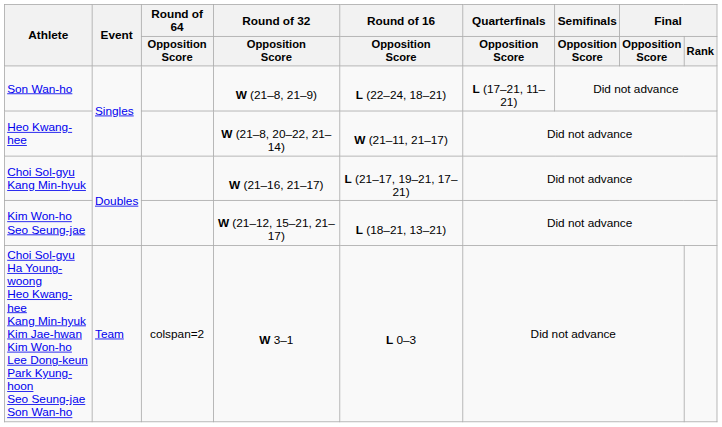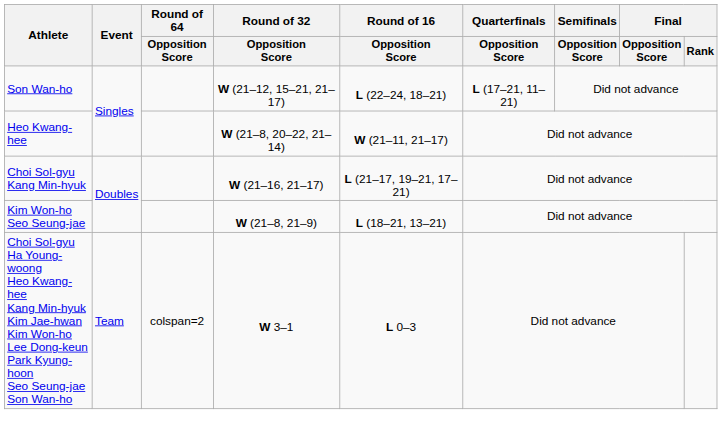 <table class=wikitable style=font-size:90%;text-align:center>
 <tr>
 <th rowspan="2">Athlete</th>
 <th rowspan="2">Event</th>
 <th>Round of 64</th>
 <th>Round of 32</th>
 <th>Round of 16</th>
 <th>Quarterfinals</th>
 <th>Semifinals</th>
 <th colspan="2">Final</th>
 </tr>
 <tr style=font-size:95%>
 <th>Opposition<br>Score</th>
 <th>Opposition<br>Score</th>
 <th>Opposition<br>Score</th>
 <th>Opposition<br>Score</th>
 <th>Opposition<br>Score</th>
 <th>Opposition<br>Score</th>
 <th>Rank</th>
 </tr>
 <tr>
 <td align=left><a href='#'>Son Wan-ho</a></td>
 <td align=left rowspan=2><a href='#'>Singles</a></td>
 <td></td>
-<td><br><strong>W</strong> (21–8, 21–9)</td>
+<td><br><strong>W</strong> (21–12, 15–21, 21–17)</td>
 <td><br><strong>L</strong> (22–24, 18–21)</td>
 <td><br><strong>L</strong> (17–21, 11–21)</td>
 <td colspan=3>Did not advance</td>
 </tr>
 <tr>
 <td align=left><a href='#'>Heo Kwang-hee</a></td>
 <td></td>
 <td><br><strong>W</strong> (21–8, 20–22, 21–14)</td>
 <td><br><strong>W</strong> (21–11, 21–17)</td>
 <td colspan=4>Did not advance</td>
 </tr>
 <tr>
 <td align=left><a href='#'>Choi Sol-gyu</a> <br> <a href='#'>Kang Min-hyuk</a></td>
 <td align=left rowspan=2><a href='#'>Doubles</a></td>
 <td></td>
 <td><br><strong>W</strong> (21–16, 21–17)</td>
 <td><br><strong>L</strong> (21–17, 19–21, 17–21)</td>
 <td colspan=4>Did not advance</td>
 </tr>
 <tr>
 <td align=left><a href='#'>Kim Won-ho</a> <br> <a href='#'>Seo Seung-jae</a></td>
 <td></td>
-<td><br><strong>W</strong> (21–12, 15–21, 21–17)</td>
+<td><br><strong>W</strong> (21–8, 21–9)</td>
 <td><br><strong>L</strong> (18–21, 13–21)</td>
 <td colspan=4>Did not advance</td>
 </tr>
 <tr>
 <td align=left><a href='#'>Choi Sol-gyu</a> <br> <a href='#'>Ha Young-woong</a> <br> <a href='#'>Heo Kwang-hee</a> <br> <a href='#'>Kang Min-hyuk</a> <br> <a href='#'>Kim Jae-hwan</a> <br> <a href='#'>Kim Won-ho</a> <br> <a href='#'>Lee Dong-keun</a> <br> <a href='#'>Park Kyung-hoon</a> <br> <a href='#'>Seo Seung-jae</a> <br> <a href='#'>Son Wan-ho</a></td>
 <td align=left><a href='#'>Team</a></td>
 <td>colspan=2 </td>
 <td><br><strong>W</strong> 3–1</td>
 <td><br><strong>L</strong> 0–3</td>
 <td colspan="3">Did not advance</td>
 </tr>
 </table>
